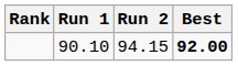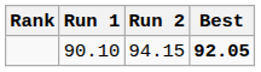 <table class="wikitable" style="text-align:center">
 <tr style="background:#efefef;">
 <th>Rank</th>
 <th>Run 1</th>
 <th>Run 2</th>
 <th>Best</th>
 </tr>
 <tr>
 <td></td>
 <td>90.10</td>
 <td>94.15</td>
-<td><strong>92.00</strong></td>
+<td><strong>92.05</strong></td>
 </tr>
 </table>
